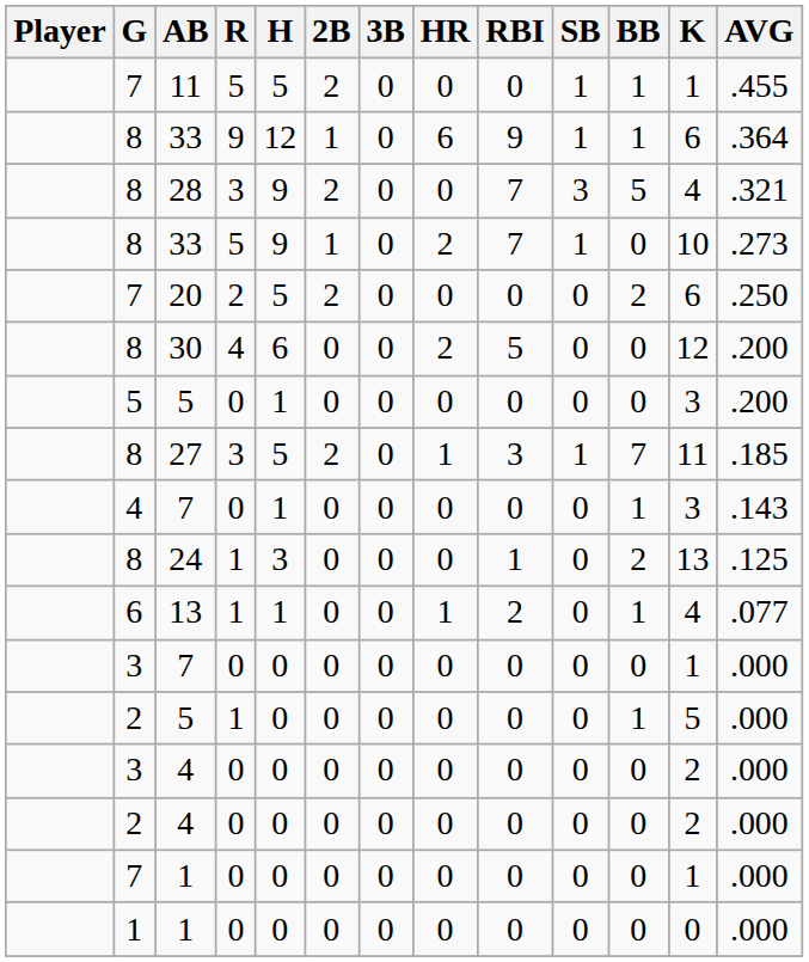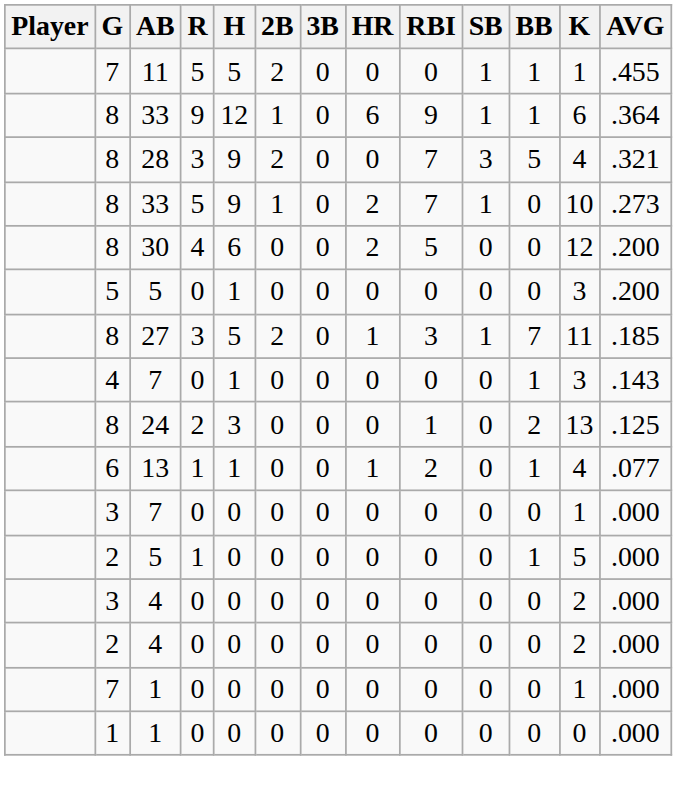 <table class="wikitable sortable" style="text-align:center">
 <tr>
 <th>Player</th>
 <th>G</th>
 <th>AB</th>
 <th>R</th>
 <th>H</th>
 <th>2B</th>
 <th>3B</th>
 <th>HR</th>
 <th>RBI</th>
 <th>SB</th>
 <th>BB</th>
 <th>K</th>
 <th>AVG</th>
 </tr>
 <tr>
 <td></td>
 <td>7</td>
 <td>11</td>
 <td>5</td>
 <td>5</td>
 <td>2</td>
 <td>0</td>
 <td>0</td>
 <td>0</td>
 <td>1</td>
 <td>1</td>
 <td>1</td>
 <td>.455</td>
 </tr>
 <tr>
 <td></td>
 <td>8</td>
 <td>33</td>
 <td>9</td>
 <td>12</td>
 <td>1</td>
 <td>0</td>
 <td>6</td>
 <td>9</td>
 <td>1</td>
 <td>1</td>
 <td>6</td>
 <td>.364</td>
 </tr>
 <tr>
 <td></td>
 <td>8</td>
 <td>28</td>
 <td>3</td>
 <td>9</td>
 <td>2</td>
 <td>0</td>
 <td>0</td>
 <td>7</td>
 <td>3</td>
 <td>5</td>
 <td>4</td>
 <td>.321</td>
 </tr>
 <tr>
 <td></td>
 <td>8</td>
 <td>33</td>
 <td>5</td>
 <td>9</td>
 <td>1</td>
 <td>0</td>
 <td>2</td>
 <td>7</td>
 <td>1</td>
 <td>0</td>
 <td>10</td>
 <td>.273</td>
 </tr>
 <tr>
 <td></td>
-<td>7</td>
-<td>20</td>
-<td>2</td>
-<td>5</td>
-<td>2</td>
-<td>0</td>
-<td>0</td>
-<td>0</td>
-<td>0</td>
-<td>2</td>
-<td>6</td>
-<td>.250</td>
-</tr>
-<tr>
-<td></td>
 <td>8</td>
 <td>30</td>
 <td>4</td>
 <td>6</td>
 <td>0</td>
 <td>0</td>
 <td>2</td>
 <td>5</td>
 <td>0</td>
 <td>0</td>
 <td>12</td>
 <td>.200</td>
 </tr>
 <tr>
 <td></td>
 <td>5</td>
 <td>5</td>
 <td>0</td>
 <td>1</td>
 <td>0</td>
 <td>0</td>
 <td>0</td>
 <td>0</td>
 <td>0</td>
 <td>0</td>
 <td>3</td>
 <td>.200</td>
 </tr>
 <tr>
 <td></td>
 <td>8</td>
 <td>27</td>
 <td>3</td>
 <td>5</td>
 <td>2</td>
 <td>0</td>
 <td>1</td>
 <td>3</td>
 <td>1</td>
 <td>7</td>
 <td>11</td>
 <td>.185</td>
 </tr>
 <tr>
 <td></td>
 <td>4</td>
 <td>7</td>
 <td>0</td>
 <td>1</td>
 <td>0</td>
 <td>0</td>
 <td>0</td>
 <td>0</td>
 <td>0</td>
 <td>1</td>
 <td>3</td>
 <td>.143</td>
 </tr>
 <tr>
 <td></td>
 <td>8</td>
 <td>24</td>
-<td>1</td>
+<td>2</td>
 <td>3</td>
 <td>0</td>
 <td>0</td>
 <td>0</td>
 <td>1</td>
 <td>0</td>
 <td>2</td>
 <td>13</td>
 <td>.125</td>
 </tr>
 <tr>
 <td><strong></strong></td>
 <td>6</td>
 <td>13</td>
 <td>1</td>
 <td>1</td>
 <td>0</td>
 <td>0</td>
 <td>1</td>
 <td>2</td>
 <td>0</td>
 <td>1</td>
 <td>4</td>
 <td>.077</td>
 </tr>
 <tr>
 <td><strong></strong></td>
 <td>3</td>
 <td>7</td>
 <td>0</td>
 <td>0</td>
 <td>0</td>
 <td>0</td>
 <td>0</td>
 <td>0</td>
 <td>0</td>
 <td>0</td>
 <td>1</td>
 <td>.000</td>
 </tr>
 <tr>
 <td></td>
 <td>2</td>
 <td>5</td>
 <td>1</td>
 <td>0</td>
 <td>0</td>
 <td>0</td>
 <td>0</td>
 <td>0</td>
 <td>0</td>
 <td>1</td>
 <td>5</td>
 <td>.000</td>
 </tr>
 <tr>
 <td><strong></strong></td>
 <td>3</td>
 <td>4</td>
 <td>0</td>
 <td>0</td>
 <td>0</td>
 <td>0</td>
 <td>0</td>
 <td>0</td>
 <td>0</td>
 <td>0</td>
 <td>2</td>
 <td>.000</td>
 </tr>
 <tr>
 <td></td>
 <td>2</td>
 <td>4</td>
 <td>0</td>
 <td>0</td>
 <td>0</td>
 <td>0</td>
 <td>0</td>
 <td>0</td>
 <td>0</td>
 <td>0</td>
 <td>2</td>
 <td>.000</td>
 </tr>
 <tr>
 <td><strong></strong></td>
 <td>7</td>
 <td>1</td>
 <td>0</td>
 <td>0</td>
 <td>0</td>
 <td>0</td>
 <td>0</td>
 <td>0</td>
 <td>0</td>
 <td>0</td>
 <td>1</td>
 <td>.000</td>
 </tr>
 <tr>
 <td><strong></strong></td>
 <td>1</td>
 <td>1</td>
 <td>0</td>
 <td>0</td>
 <td>0</td>
 <td>0</td>
 <td>0</td>
 <td>0</td>
 <td>0</td>
 <td>0</td>
 <td>0</td>
 <td>.000</td>
 </tr>
 </table>
